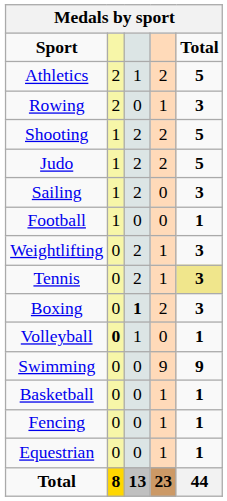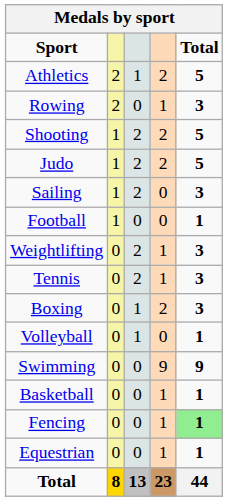 <table class="wikitable" style="font-size:85%; float:right;">
 <tr style="background:#efefef;">
 <th colspan=7><strong>Medals by sport</strong></th>
 </tr>
 <tr align=center>
 <td><strong>Sport</strong></td>
 <td bgcolor=#f7f6a8></td>
 <td bgcolor=#dce5e5></td>
 <td bgcolor=#ffdab9></td>
 <td><strong>Total</strong></td>
 </tr>
 <tr align=center>
 <td><a href='#'>Athletics</a></td>
 <td style="background:#F7F6A8;">2</td>
 <td style="background:#DCE5E5;">1</td>
 <td style="background:#FFDAB9;">2</td>
 <td><strong>5</strong></td>
 </tr>
 <tr align=center>
 <td><a href='#'>Rowing</a></td>
 <td style="background:#F7F6A8;">2</td>
 <td style="background:#DCE5E5;">0</td>
 <td style="background:#FFDAB9;">1</td>
 <td><strong>3</strong></td>
 </tr>
 <tr align=center>
 <td><a href='#'>Shooting</a></td>
 <td style="background:#F7F6A8;">1</td>
 <td style="background:#DCE5E5;">2</td>
 <td style="background:#FFDAB9;">2</td>
 <td><strong>5</strong></td>
 </tr>
 <tr align=center>
 <td><a href='#'>Judo</a></td>
 <td style="background:#F7F6A8;">1</td>
 <td style="background:#DCE5E5;">2</td>
 <td style="background:#FFDAB9;">2</td>
 <td><strong>5</strong></td>
 </tr>
 <tr align=center>
 <td><a href='#'>Sailing</a></td>
 <td style="background:#F7F6A8;">1</td>
 <td style="background:#DCE5E5;">2</td>
 <td style="background:#FFDAB9;">0</td>
 <td><strong>3</strong></td>
 </tr>
 <tr align=center>
 <td><a href='#'>Football</a></td>
 <td style="background:#F7F6A8;">1</td>
 <td style="background:#DCE5E5;">0</td>
 <td style="background:#FFDAB9;">0</td>
 <td><strong>1</strong></td>
 </tr>
 <tr align=center>
 <td><a href='#'>Weightlifting</a></td>
 <td style="background:#F7F6A8;">0</td>
 <td style="background:#DCE5E5;">2</td>
 <td style="background:#FFDAB9;">1</td>
 <td><strong>3</strong></td>
 </tr>
 <tr align=center>
 <td><a href='#'>Tennis</a></td>
 <td style="background:#F7F6A8;">0</td>
 <td style="background:#DCE5E5;">2</td>
 <td style="background:#FFDAB9;">1</td>
-<td style="background: khaki;"><strong>3</strong></td>
+<td><strong>3</strong></td>
 </tr>
 <tr align=center>
 <td><a href='#'>Boxing</a></td>
 <td style="background:#F7F6A8;">0</td>
-<td style="background:#DCE5E5;"><strong>1</strong></td>
+<td style="background:#DCE5E5;">1</td>
 <td style="background:#FFDAB9;">2</td>
 <td><strong>3</strong></td>
 </tr>
 <tr align=center>
 <td><a href='#'>Volleyball</a></td>
-<td style="background:#F7F6A8;"><strong>0</strong></td>
+<td style="background:#F7F6A8;">0</td>
 <td style="background:#DCE5E5;">1</td>
 <td style="background:#FFDAB9;">0</td>
 <td><strong>1</strong></td>
 </tr>
 <tr align=center>
 <td><a href='#'>Swimming</a></td>
 <td style="background:#F7F6A8;">0</td>
 <td style="background:#DCE5E5;">0</td>
 <td style="background:#FFDAB9;">9</td>
 <td><strong>9</strong></td>
 </tr>
 <tr align=center>
 <td><a href='#'>Basketball</a></td>
 <td style="background:#F7F6A8;">0</td>
 <td style="background:#DCE5E5;">0</td>
 <td style="background:#FFDAB9;">1</td>
 <td><strong>1</strong></td>
 </tr>
 <tr align=center>
 <td><a href='#'>Fencing</a></td>
 <td style="background:#F7F6A8;">0</td>
 <td style="background:#DCE5E5;">0</td>
 <td style="background:#FFDAB9;">1</td>
-<td><strong>1</strong></td>
+<td style="background: lightgreen;"><strong>1</strong></td>
 </tr>
 <tr align=center>
 <td><a href='#'>Equestrian</a></td>
 <td style="background:#F7F6A8;">0</td>
 <td style="background:#DCE5E5;">0</td>
 <td style="background:#FFDAB9;">1</td>
 <td><strong>1</strong></td>
 </tr>
 <tr align=center>
 <td><strong>Total</strong></td>
 <th style="background:gold;"><strong>8</strong></th>
 <th style="background:silver;"><strong>13</strong></th>
 <th style="background:#c96;"><strong>23</strong></th>
 <th><strong>44</strong></th>
 </tr>
 </table>
